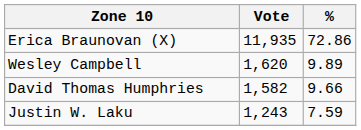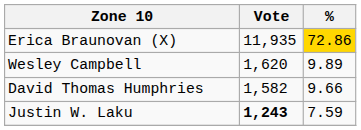 <table class="wikitable">
 <tr>
 <th bgcolor="#DDDDFF" width="200px">Zone 10</th>
 <th bgcolor="#DDDDFF" width="50px">Vote</th>
 <th bgcolor="#DDDDFF" width="30px">%</th>
 </tr>
 <tr>
 <td>Erica Braunovan (X)</td>
 <td>11,935</td>
-<td>72.86</td>
+<td style="background: gold;">72.86</td>
 </tr>
 <tr>
 <td>Wesley Campbell</td>
 <td>1,620</td>
 <td>9.89</td>
 </tr>
 <tr>
 <td>David Thomas Humphries</td>
 <td>1,582</td>
 <td>9.66</td>
 </tr>
 <tr>
 <td>Justin W. Laku</td>
-<td>1,243</td>
+<td><strong>1,243</strong></td>
 <td>7.59</td>
 </tr>
 <tr>
 </tr>
 </table>
